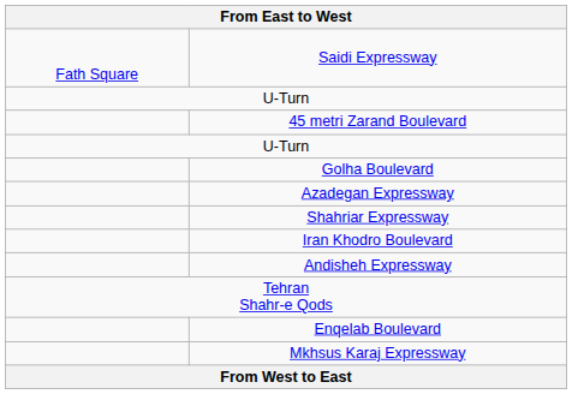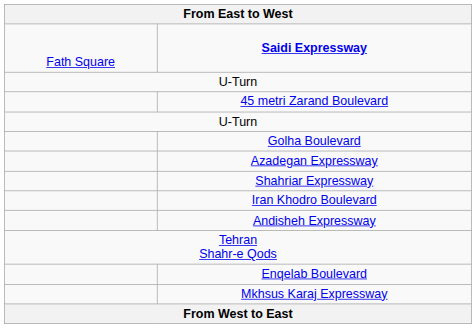 <table class="wikitable" style="text-align:center" width="600px">
 <tr>
 <th text-align="center" colspan="3"> From East to West </th>
 </tr>
 <tr>
 <td><br><br><a href='#'>Fath Square</a></td>
-<td> <a href='#'>Saidi Expressway</a></td>
+<td><strong> <a href='#'>Saidi Expressway</a></strong></td>
 </tr>
 <tr>
 <td text-align="center" colspan="3"> U-Turn</td>
 </tr>
 <tr>
 <td></td>
 <td> <a href='#'>45 metri Zarand Boulevard</a></td>
 </tr>
 <tr>
 <td text-align="center" colspan="3"> U-Turn</td>
 </tr>
 <tr>
 <td></td>
 <td><a href='#'>Golha Boulevard</a></td>
 </tr>
 <tr>
 <td></td>
 <td> <a href='#'>Azadegan Expressway</a></td>
 </tr>
 <tr>
 <td></td>
 <td> <a href='#'>Shahriar Expressway</a></td>
 </tr>
 <tr>
 <td></td>
 <td><a href='#'>Iran Khodro Boulevard</a></td>
 </tr>
 <tr>
 <td></td>
 <td> <a href='#'>Andisheh Expressway</a></td>
 </tr>
 <tr>
 <td text-align="center" colspan="3"> <a href='#'>Tehran</a><br> <a href='#'>Shahr-e Qods</a></td>
 </tr>
 <tr>
 <td></td>
 <td> <a href='#'>Enqelab Boulevard</a></td>
 </tr>
 <tr>
 <td><br></td>
 <td> <a href='#'>Mkhsus Karaj Expressway</a></td>
 </tr>
 <tr>
 <th text-align="center" colspan="3"> From West to East </th>
 </tr>
 </table>
